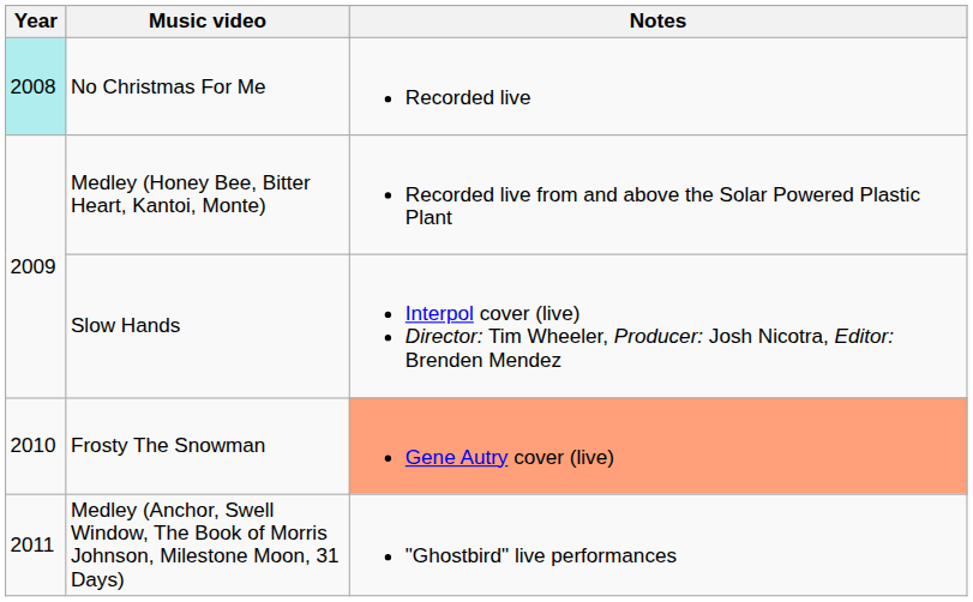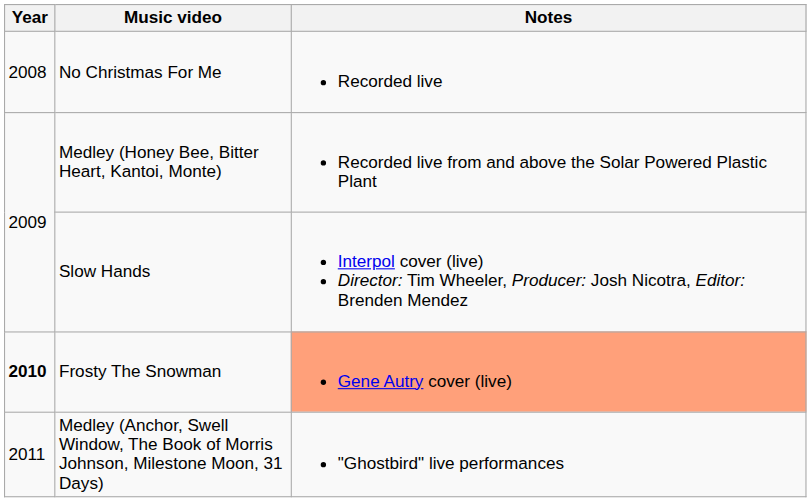 <table class="wikitable" width="750">
 <tr style="background:#ccc; text-align:center;">
 <th width="40">Year</th>
 <th width="220">Music video</th>
 <th width="490">Notes</th>
 </tr>
 <tr>
-<td rowspan="1" style="background: paleturquoise;">2008</td>
+<td rowspan="1">2008</td>
 <td>No Christmas For Me</td>
 <td><br><ul><li>Recorded live</li></ul></td>
 </tr>
 <tr>
 <td rowspan="2">2009</td>
 <td>Medley (Honey Bee, Bitter Heart, Kantoi, Monte)</td>
 <td><br><ul><li>Recorded live from and above the Solar Powered Plastic Plant</li></ul></td>
 </tr>
 <tr>
 <td>Slow Hands</td>
 <td><br><ul><li><a href='#'>Interpol</a> cover (live)</li><li><em>Director:</em> Tim Wheeler, <em>Producer:</em> Josh Nicotra, <em>Editor:</em> Brenden Mendez</li></ul></td>
 </tr>
 <tr>
-<td rowspan="1">2010</td>
+<td rowspan="1"><strong>2010</strong></td>
 <td>Frosty The Snowman</td>
 <td style="background: lightsalmon;"><br><ul><li><a href='#'>Gene Autry</a> cover (live)</li></ul></td>
 </tr>
 <tr>
 <td rowspan="1">2011</td>
 <td>Medley (Anchor, Swell Window, The Book of Morris Johnson, Milestone Moon, 31 Days)</td>
 <td><br><ul><li>"Ghostbird" live performances</li></ul></td>
 </tr>
 </table>
